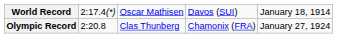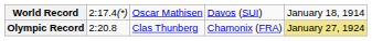 <table class="wikitable" style="font-size:95%;">
 <tr>
 <th>World Record</th>
 <td>2:17.4<em>(*)</em></td>
 <td> <a href='#'>Oscar Mathisen</a></td>
 <td><a href='#'>Davos</a> (<a href='#'>SUI</a>)</td>
 <td>January 18, 1914</td>
 </tr>
 <tr>
 <th>Olympic Record</th>
 <td>2:20.8</td>
 <td> <a href='#'>Clas Thunberg</a></td>
 <td><a href='#'>Chamonix</a> (<a href='#'>FRA</a>)</td>
-<td>January 27, 1924</td>
+<td style="background: khaki;">January 27, 1924</td>
 </tr>
 </table>
